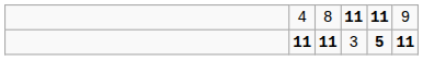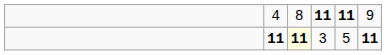 <table class="wikitable">
 <tr>
 <td style="width:18em"></td>
 <td align=center style="width:1em">4</td>
 <td align=center style="width:1em">8</td>
 <td align=center style="width:1em"><strong>11</strong></td>
 <td align=center style="width:1em"><strong>11</strong></td>
 <td align=center style="width:1em">9</td>
 </tr>
 <tr>
 <td style="width:18em"></td>
 <td align=center style="width:1em"><strong>11</strong></td>
-<td align=center style="width:1em"><strong>11</strong></td>
+<td align=center style="background: lightyellow; width:1em"><strong>11</strong></td>
 <td align=center style="width:1em">3</td>
-<td align=center style="width:1em"><strong>5</strong></td>
+<td align=center style="width:1em">5</td>
 <td align=center style="width:1em"><strong>11</strong></td>
 </tr>
 </table>
